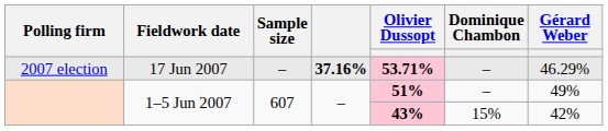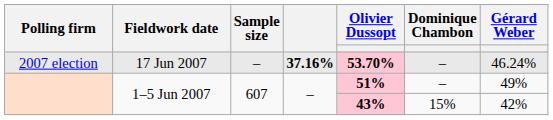 <table class="wikitable sortable" style="text-align:center;font-size:90%;line-height:14px;">
 <tr style="height:40px;">
 <th style="width:100px;" rowspan="2">Polling firm</th>
 <th style="width:110px;" rowspan="2">Fieldwork date</th>
 <th style="width:35px;" rowspan="2">Sample<br>size</th>
 <th style="width:30px;" rowspan="2"></th>
 <th class="unsortable" style="width:60px;"><a href='#'>Olivier Dussopt</a><br></th>
 <th class="unsortable" style="width:60px;">Dominique Chambon<br></th>
 <th class="unsortable" style="width:60px;"><a href='#'>Gérard Weber</a><br></th>
 </tr>
 <tr>
 <th style="background:"></th>
 <th style="background:"></th>
 <th style="background:"></th>
 </tr>
 <tr style="background:#E9E9E9;">
 <td><a href='#'>2007 election</a></td>
 <td data-sort-value="2007-06-17">17 Jun 2007</td>
 <td>–</td>
 <td><strong>37.16%</strong></td>
-<td style="background:#FFC6D5;"><strong>53.71%</strong></td>
+<td style="background:#FFC6D5;"><strong>53.70%</strong></td>
 <td>–</td>
-<td>46.29%</td>
+<td>46.24%</td>
 </tr>
 <tr>
 <td rowspan="2" style="background:#FFDFCC;"></td>
 <td rowspan="2" data-sort-value="2007-06-05">1–5 Jun 2007</td>
 <td rowspan="2">607</td>
 <td rowspan="2">–</td>
 <td style="background:#FFC6D5;"><strong>51%</strong></td>
 <td>–</td>
 <td>49%</td>
 </tr>
 <tr>
 <td style="background:#FFC6D5;"><strong>43%</strong></td>
 <td>15%</td>
 <td>42%</td>
 </tr>
 </table>
